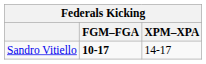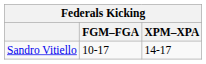 <table class="wikitable">
 <tr>
 <th colspan="8">Federals Kicking</th>
 </tr>
 <tr>
 <th></th>
 <th>FGM–FGA</th>
 <th>XPM–XPA</th>
 </tr>
 <tr>
 <td><a href='#'>Sandro Vitiello</a></td>
-<td><strong>10-17</strong></td>
+<td>10-17</td>
 <td>14-17</td>
 </tr>
 </table>
